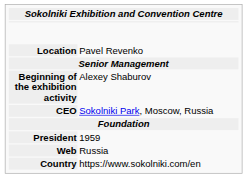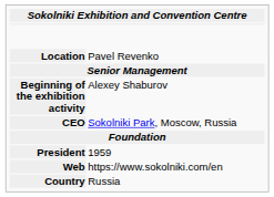 <table class="infobox" style="width: 25em; font-size: 90%; margin: 0 0 1em 1em; clear: right; text-align:left">
 <tr>
 <td colspan="2" style="text-align: center; background:#eee;"><strong><em>Sokolniki Exhibition and Convention Centre</em></strong></td>
 </tr>
 <tr style="vertical-align: top;">
 <td colspan="2" style="text-align: center; background:#eee;"></td>
 </tr>
 <tr style="vertical-align: top;">
 <td colspan="2" style="padding: 1em 0; text-align: center;"></td>
 </tr>
 <tr style="vertical-align: top;">
 <td style="text-align:right; background:#eee; width:30%;"><strong>Location</strong></td>
 <td style="padding-right: 1em;">Pavel Revenko</td>
 </tr>
 <tr>
 <td colspan="2" style="text-align: center; background:#eee;"><strong><em>Senior Management</em></strong></td>
 </tr>
 <tr style="vertical-align: top;">
 <td style="text-align: right; background:#eee;"><strong>Beginning of the exhibition activity</strong></td>
 <td style="padding-right: 1em;">Alexey Shaburov</td>
 </tr>
 <tr style="vertical-align: top;">
 <td style="text-align: right; background:#eee;"><strong>CEO</strong></td>
 <td style="padding-right: 1em;"><a href='#'>Sokolniki Park</a>, Moscow, Russia</td>
 </tr>
 <tr>
 <td colspan="2" style="text-align: center; background:#eee;"><strong><em>Foundation</em></strong></td>
 </tr>
 <tr>
 <td style="text-align: right; background:#eee;"><strong>President</strong></td>
 <td style="padding-right: 1em;">1959</td>
 </tr>
 <tr style="vertical-align: top;">
 <td style="text-align: right; background:#eee;"><strong>Web</strong></td>
-<td style="padding-right: 1em;">Russia</td>
+<td style="padding-right: 1em;">https://www.sokolniki.com/en</td>
 </tr>
 <tr style="vertical-align: top;">
 <td style="text-align: right; background:#eee;"><strong>Country</strong></td>
-<td style="padding-right: 1em;">https://www.sokolniki.com/en</td>
+<td style="padding-right: 1em;">Russia</td>
 </tr>
 </table>
